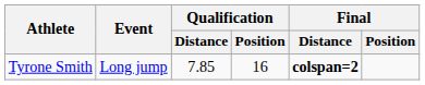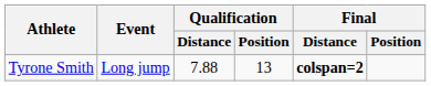 <table class=wikitable style=font-size:90%>
 <tr>
 <th rowspan=2>Athlete</th>
 <th rowspan=2>Event</th>
 <th colspan=2>Qualification</th>
 <th colspan=2>Final</th>
 </tr>
 <tr style=font-size:95%>
 <th>Distance</th>
 <th>Position</th>
 <th>Distance</th>
 <th>Position</th>
 </tr>
 <tr align=center>
 <td align=left><a href='#'>Tyrone Smith</a></td>
 <td align=left><a href='#'>Long jump</a></td>
-<td>7.85</td>
-<td>16</td>
+<td>7.88</td>
+<td>13</td>
 <td><strong>colspan=2 </strong></td>
 </tr>
 </table>
